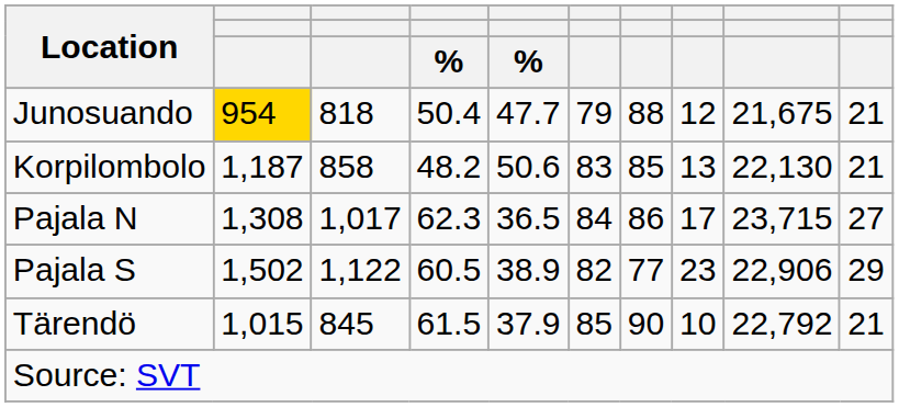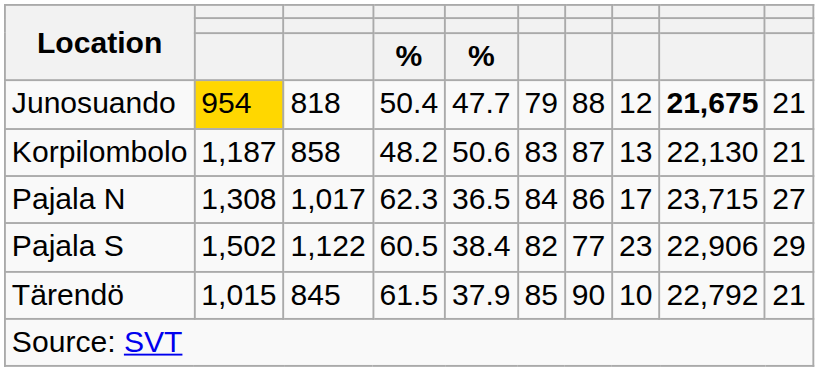 <table role="presentation" class="wikitable sortable mw-collapsible">
 <tr>
 <th rowspan="3">Location</th>
 <th></th>
 <th></th>
 <th></th>
 <th></th>
 <th></th>
 <th></th>
 <th></th>
 <th></th>
 <th></th>
 </tr>
 <tr>
 <th></th>
 <th></th>
 <th style="background:"></th>
 <th style="background:"></th>
 <th></th>
 <th></th>
 <th></th>
 <th></th>
 <th></th>
 </tr>
 <tr>
 <th data-sort-type="number"></th>
 <th data-sort-type="number"></th>
 <th data-sort-type="number">%</th>
 <th data-sort-type="number">%</th>
 <th data-sort-type="number"></th>
 <th data-sort-type="number"></th>
 <th data-sort-type="number"></th>
 <th data-sort-type="number"></th>
 <th data-sort-type="number"></th>
 </tr>
 <tr>
 <td align="left">Junosuando</td>
 <td style="background: gold;">954</td>
 <td>818</td>
 <td>50.4</td>
 <td>47.7</td>
 <td>79</td>
 <td>88</td>
 <td>12</td>
-<td>21,675</td>
+<td><strong>21,675</strong></td>
 <td>21</td>
 </tr>
 <tr>
 <td align="left">Korpilombolo</td>
 <td>1,187</td>
 <td>858</td>
 <td>48.2</td>
 <td>50.6</td>
 <td>83</td>
-<td>85</td>
+<td>87</td>
 <td>13</td>
 <td>22,130</td>
 <td>21</td>
 </tr>
 <tr>
 <td align="left">Pajala N</td>
 <td>1,308</td>
 <td>1,017</td>
 <td>62.3</td>
 <td>36.5</td>
 <td>84</td>
 <td>86</td>
 <td>17</td>
 <td>23,715</td>
 <td>27</td>
 </tr>
 <tr>
 <td align="left">Pajala S</td>
 <td>1,502</td>
 <td>1,122</td>
 <td>60.5</td>
-<td>38.9</td>
+<td>38.4</td>
 <td>82</td>
 <td>77</td>
 <td>23</td>
 <td>22,906</td>
 <td>29</td>
 </tr>
 <tr>
 <td align="left">Tärendö</td>
 <td>1,015</td>
 <td>845</td>
 <td>61.5</td>
 <td>37.9</td>
 <td>85</td>
 <td>90</td>
 <td>10</td>
 <td>22,792</td>
 <td>21</td>
 </tr>
 <tr>
 <td colspan="10" align="left">Source: <a href='#'>SVT</a></td>
 </tr>
 </table>
